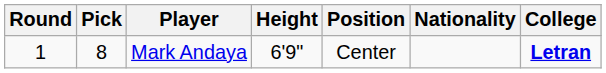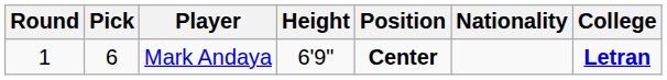 <table class="wikitable sortable sortable">
 <tr>
 <th>Round</th>
 <th>Pick</th>
 <th>Player</th>
 <th>Height</th>
 <th>Position</th>
 <th>Nationality</th>
 <th>College</th>
 </tr>
 <tr style="text-align: center">
 <td>1</td>
-<td>8</td>
+<td>6</td>
 <td><a href='#'>Mark Andaya</a></td>
 <td>6'9"</td>
-<td>Center</td>
+<td><strong>Center</strong></td>
 <td></td>
 <td><strong><a href='#'>Letran</a></strong></td>
 </tr>
 </table>
